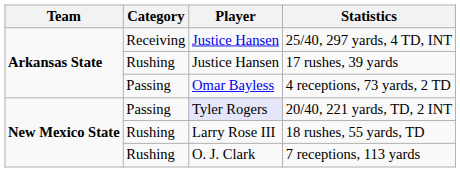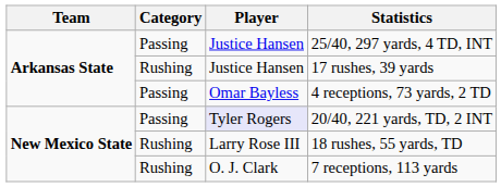 <table class="wikitable" style="float: right;">
 <tr>
 <th>Team</th>
 <th>Category</th>
 <th>Player</th>
 <th>Statistics</th>
 </tr>
 <tr>
 <td rowspan=3><strong>Arkansas State</strong></td>
-<td>Receiving</td>
+<td>Passing</td>
 <td><a href='#'>Justice Hansen</a></td>
 <td>25/40, 297 yards, 4 TD, INT</td>
 </tr>
 <tr>
 <td>Rushing</td>
 <td>Justice Hansen</td>
 <td>17 rushes, 39 yards</td>
 </tr>
 <tr>
 <td>Passing</td>
 <td><a href='#'>Omar Bayless</a></td>
 <td>4 receptions, 73 yards, 2 TD</td>
 </tr>
 <tr>
 <td rowspan=3><strong>New Mexico State</strong></td>
 <td>Passing</td>
 <td style="background: lavender;">Tyler Rogers</td>
 <td>20/40, 221 yards, TD, 2 INT</td>
 </tr>
 <tr>
 <td>Rushing</td>
 <td>Larry Rose III</td>
 <td>18 rushes, 55 yards, TD</td>
 </tr>
 <tr>
 <td>Rushing</td>
 <td>O. J. Clark</td>
 <td>7 receptions, 113 yards</td>
 </tr>
 </table>
